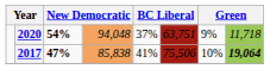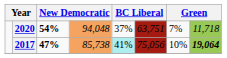 <table class="wikitable" style="width:400; font-size:90%; margin-left:1em;">
 <tr>
 <th colspan="2" scope="col">Year</th>
 <th colspan="2" scope="col"><a href='#'>New Democratic</a></th>
 <th colspan="2" scope="col"><a href='#'>BC Liberal</a></th>
 <th colspan="2" scope="col"><a href='#'>Green</a></th>
 </tr>
 <tr>
 <td rowspan="2" style="width: 0.25em; background-color: "></td>
 <th><a href='#'>2020</a></th>
 <td><strong>54%</strong></td>
 <td style="text-align:right; background:#F4A460;"><em>94,048</em></td>
 <td><span> 37%</span></td>
 <td style="text-align:right; background:#A51B12;"><span> <em>63,751</em></span></td>
-<td>9%</td>
+<td>7%</td>
 <td style="text-align:right; background:#99C955;"><em>11,718</em></td>
 </tr>
 <tr>
 <th><a href='#'>2017</a></th>
 <td><strong>47%</strong></td>
-<td style="text-align:right; background:#F4A460;"><em>85,838</em></td>
-<td><span> 41%</span></td>
-<td style="text-align:right; background:#A51B12;"><span> <em>75,506</em></span></td>
+<td style="text-align:right; background:#F4A460;"><em>85,738</em></td>
+<td style="background: paleturquoise;"><span> 41%</span></td>
+<td style="text-align:right; background:#A51B12;"><span> <em>75,056</em></span></td>
 <td>10%</td>
 <td style="text-align:right; background:#99C955;"><strong><em>19,064</em></strong></td>
 </tr>
 <tr>
 </tr>
 </table>
